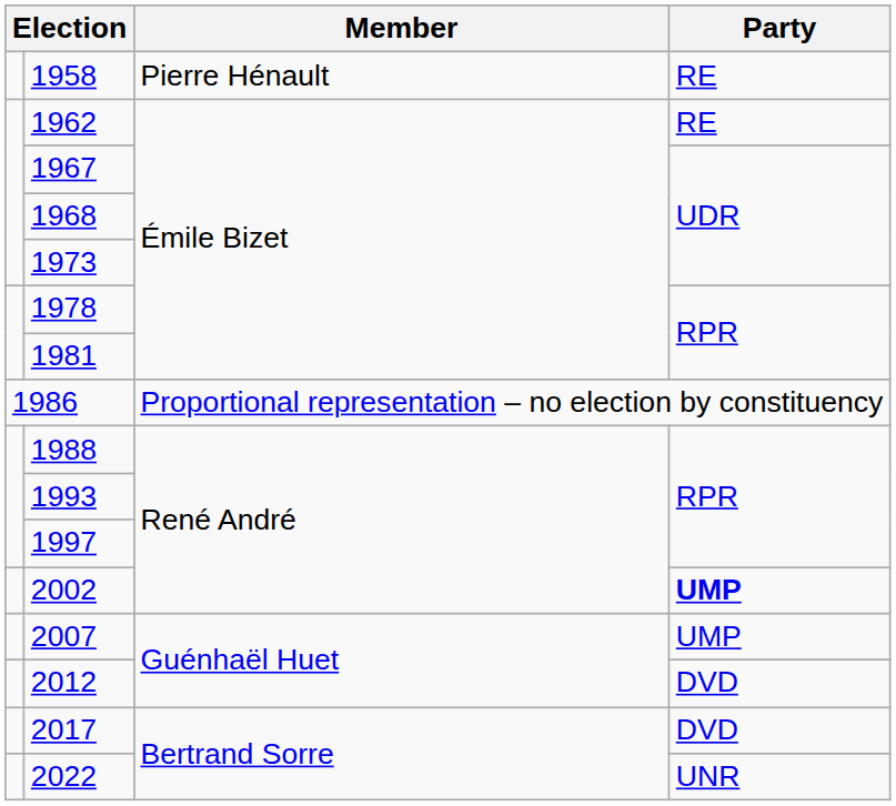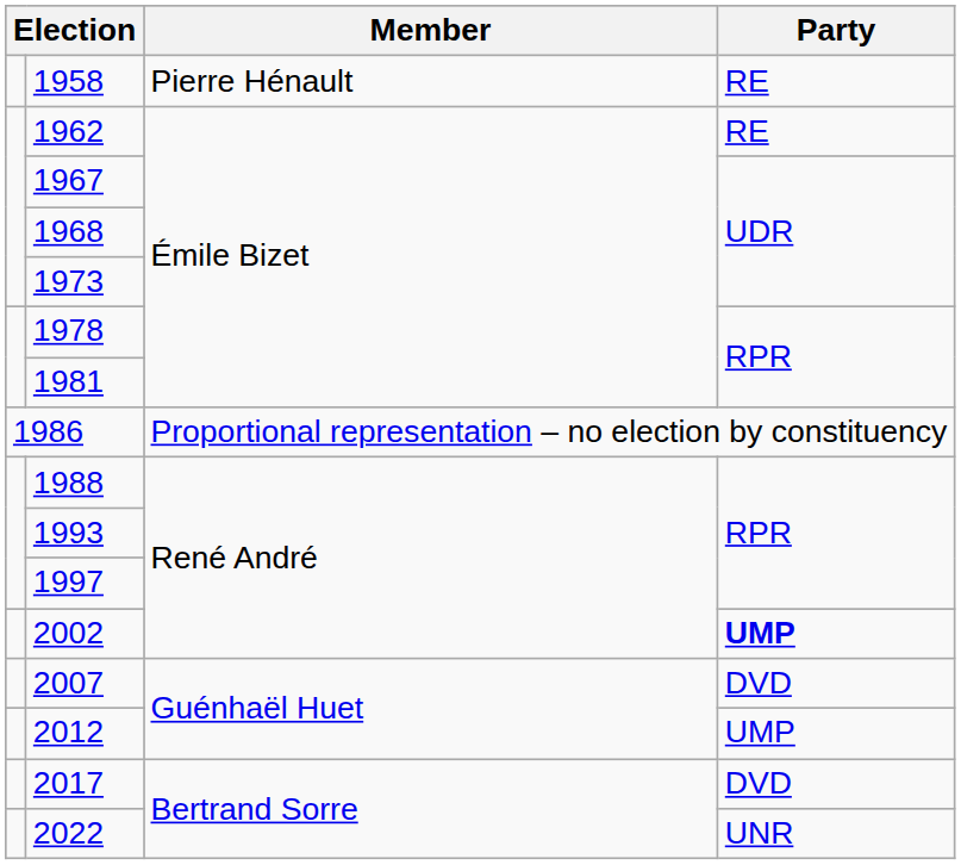 <table class="wikitable">
 <tr>
 <th colspan="2">Election</th>
 <th>Member</th>
 <th>Party</th>
 </tr>
 <tr>
 <td style="color:inherit;background-color: "></td>
 <td><a href='#'>1958</a></td>
 <td>Pierre Hénault</td>
 <td><a href='#'>RE</a></td>
 </tr>
 <tr>
 <td rowspan=4 style="background-color: "></td>
 <td><a href='#'>1962</a></td>
 <td rowspan="6">Émile Bizet</td>
 <td><a href='#'>RE</a></td>
 </tr>
 <tr>
 <td><a href='#'>1967</a></td>
 <td rowspan="3"><a href='#'>UDR</a></td>
 </tr>
 <tr>
 <td><a href='#'>1968</a></td>
 </tr>
 <tr>
 <td><a href='#'>1973</a></td>
 </tr>
 <tr>
 <td rowspan=2 style="background-color: "></td>
 <td><a href='#'>1978</a></td>
 <td rowspan="2"><a href='#'>RPR</a></td>
 </tr>
 <tr>
 <td><a href='#'>1981</a></td>
 </tr>
 <tr>
 <td colspan="2"><a href='#'>1986</a></td>
 <td colspan="2"><a href='#'>Proportional representation</a> – no election by constituency</td>
 </tr>
 <tr>
 <td rowspan=3 style="background-color: "></td>
 <td><a href='#'>1988</a></td>
 <td rowspan=4>René André</td>
 <td rowspan=3><a href='#'>RPR</a></td>
 </tr>
 <tr>
 <td><a href='#'>1993</a></td>
 </tr>
 <tr>
 <td><a href='#'>1997</a></td>
 </tr>
 <tr>
 <td style="color:inherit;background-color: "></td>
 <td><a href='#'>2002</a></td>
 <td><strong><a href='#'>UMP</a></strong></td>
 </tr>
 <tr>
 <td style="color:inherit;background-color: "></td>
 <td><a href='#'>2007</a></td>
 <td rowspan=2><a href='#'>Guénhaël Huet</a></td>
-<td><a href='#'>UMP</a></td>
+<td><a href='#'>DVD</a></td>
 </tr>
 <tr>
 <td style="color:inherit;background-color: "></td>
 <td><a href='#'>2012</a></td>
-<td><a href='#'>DVD</a></td>
+<td><a href='#'>UMP</a></td>
 </tr>
 <tr>
 <td style="color:inherit;background-color: "></td>
 <td><a href='#'>2017</a></td>
 <td rowspan="2"><a href='#'>Bertrand Sorre</a></td>
 <td><a href='#'>DVD</a></td>
 </tr>
 <tr>
 <td style="color:inherit;background-color: "></td>
 <td><a href='#'>2022</a></td>
 <td><a href='#'>UNR</a></td>
 </tr>
 </table>
